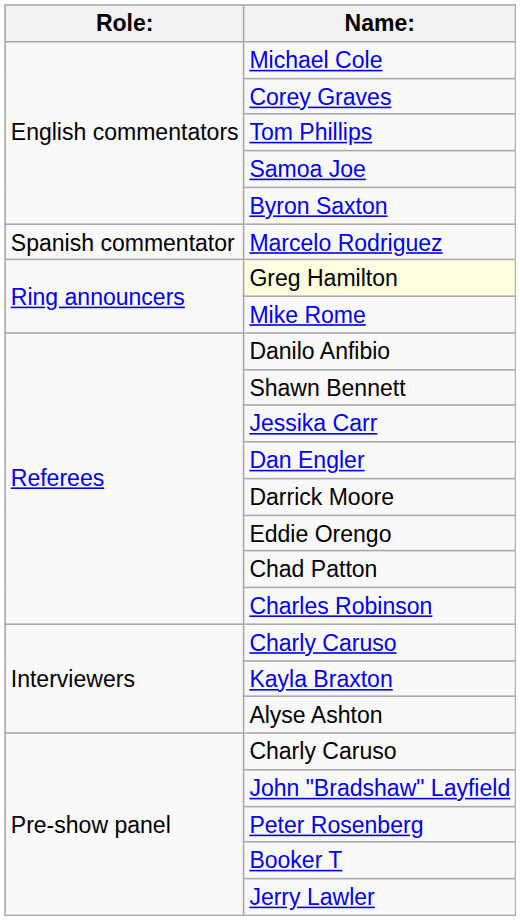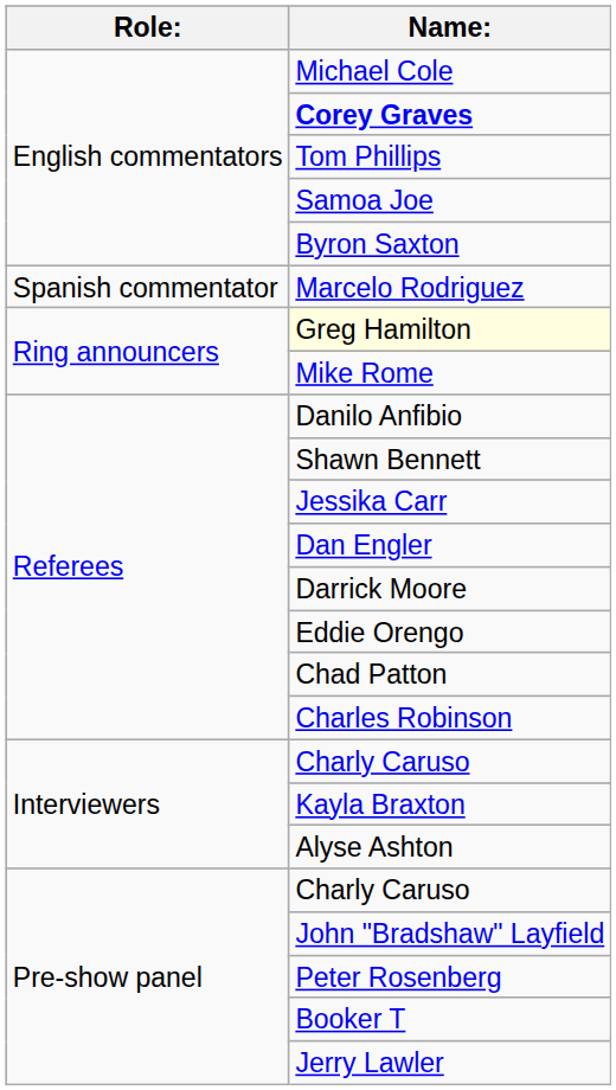 <table class=wikitable style="font-size:90%; margin: 0.5em 0 0.5em 1em; float: right; clear: right;">
 <tr>
 <th>Role:</th>
 <th>Name:</th>
 </tr>
 <tr>
 <td rowspan=5>English commentators</td>
 <td><a href='#'>Michael Cole</a> </td>
 </tr>
 <tr>
-<td><a href='#'>Corey Graves</a> </td>
+<td><strong><a href='#'>Corey Graves</a> </strong></td>
 </tr>
 <tr>
 <td><a href='#'>Tom Phillips</a> </td>
 </tr>
 <tr>
 <td><a href='#'>Samoa Joe</a> </td>
 </tr>
 <tr>
 <td><a href='#'>Byron Saxton</a> </td>
 </tr>
 <tr>
 <td>Spanish commentator</td>
 <td><a href='#'>Marcelo Rodriguez</a></td>
 </tr>
 <tr>
 <td rowspan=2><a href='#'>Ring announcers</a></td>
 <td style="background: lightyellow;">Greg Hamilton </td>
 </tr>
 <tr>
 <td><a href='#'>Mike Rome</a> </td>
 </tr>
 <tr>
 <td rowspan=8><a href='#'>Referees</a></td>
 <td>Danilo Anfibio</td>
 </tr>
 <tr>
 <td>Shawn Bennett</td>
 </tr>
 <tr>
 <td><a href='#'>Jessika Carr</a></td>
 </tr>
 <tr>
 <td><a href='#'>Dan Engler</a></td>
 </tr>
 <tr>
 <td>Darrick Moore</td>
 </tr>
 <tr>
 <td>Eddie Orengo</td>
 </tr>
 <tr>
 <td>Chad Patton</td>
 </tr>
 <tr>
 <td><a href='#'>Charles Robinson</a></td>
 </tr>
 <tr>
 <td rowspan=3>Interviewers</td>
 <td><a href='#'>Charly Caruso</a></td>
 </tr>
 <tr>
 <td><a href='#'>Kayla Braxton</a></td>
 </tr>
 <tr>
 <td>Alyse Ashton</td>
 </tr>
 <tr>
 <td rowspan="5">Pre-show panel</td>
 <td>Charly Caruso</td>
 </tr>
 <tr>
 <td><a href='#'>John "Bradshaw" Layfield</a></td>
 </tr>
 <tr>
 <td><a href='#'>Peter Rosenberg</a></td>
 </tr>
 <tr>
 <td><a href='#'>Booker T</a></td>
 </tr>
 <tr>
 <td><a href='#'>Jerry Lawler</a></td>
 </tr>
 </table>
